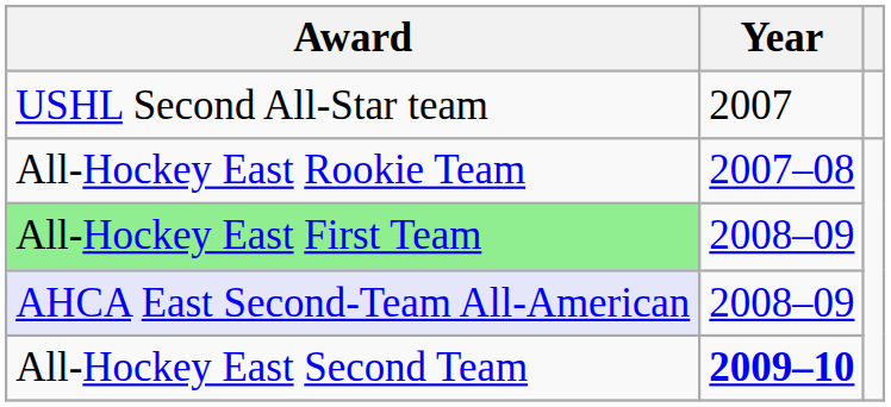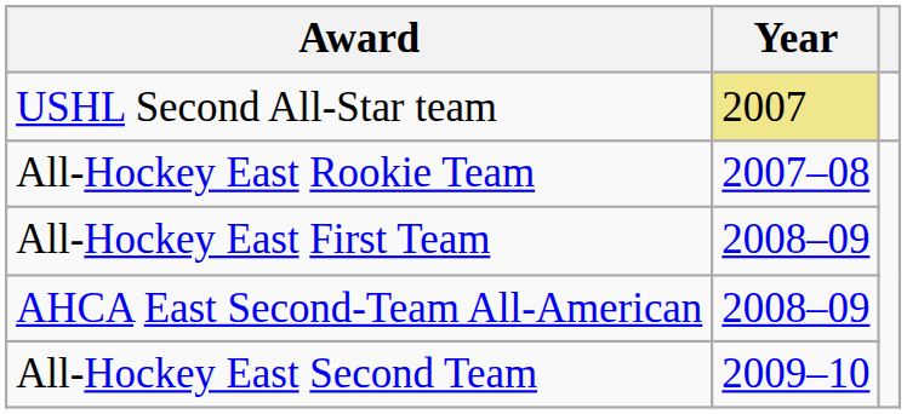 <table class="wikitable">
 <tr>
 <th>Award</th>
 <th>Year</th>
 <th></th>
 </tr>
 <tr>
 <td><a href='#'>USHL</a> Second All-Star team</td>
-<td>2007</td>
+<td style="background: khaki;">2007</td>
 <td></td>
 </tr>
 <tr>
 <td>All-<a href='#'>Hockey East</a> <a href='#'>Rookie Team</a></td>
 <td><a href='#'>2007–08</a></td>
 <td rowspan="4"></td>
 </tr>
 <tr>
-<td style="background: lightgreen;">All-<a href='#'>Hockey East</a> <a href='#'>First Team</a></td>
+<td>All-<a href='#'>Hockey East</a> <a href='#'>First Team</a></td>
 <td><a href='#'>2008–09</a></td>
 </tr>
 <tr>
-<td style="background: lavender;"><a href='#'>AHCA</a> <a href='#'>East Second-Team All-American</a></td>
+<td><a href='#'>AHCA</a> <a href='#'>East Second-Team All-American</a></td>
 <td><a href='#'>2008–09</a></td>
 </tr>
 <tr>
 <td>All-<a href='#'>Hockey East</a> <a href='#'>Second Team</a></td>
-<td><strong><a href='#'>2009–10</a></strong></td>
+<td><a href='#'>2009–10</a></td>
 </tr>
 </table>
